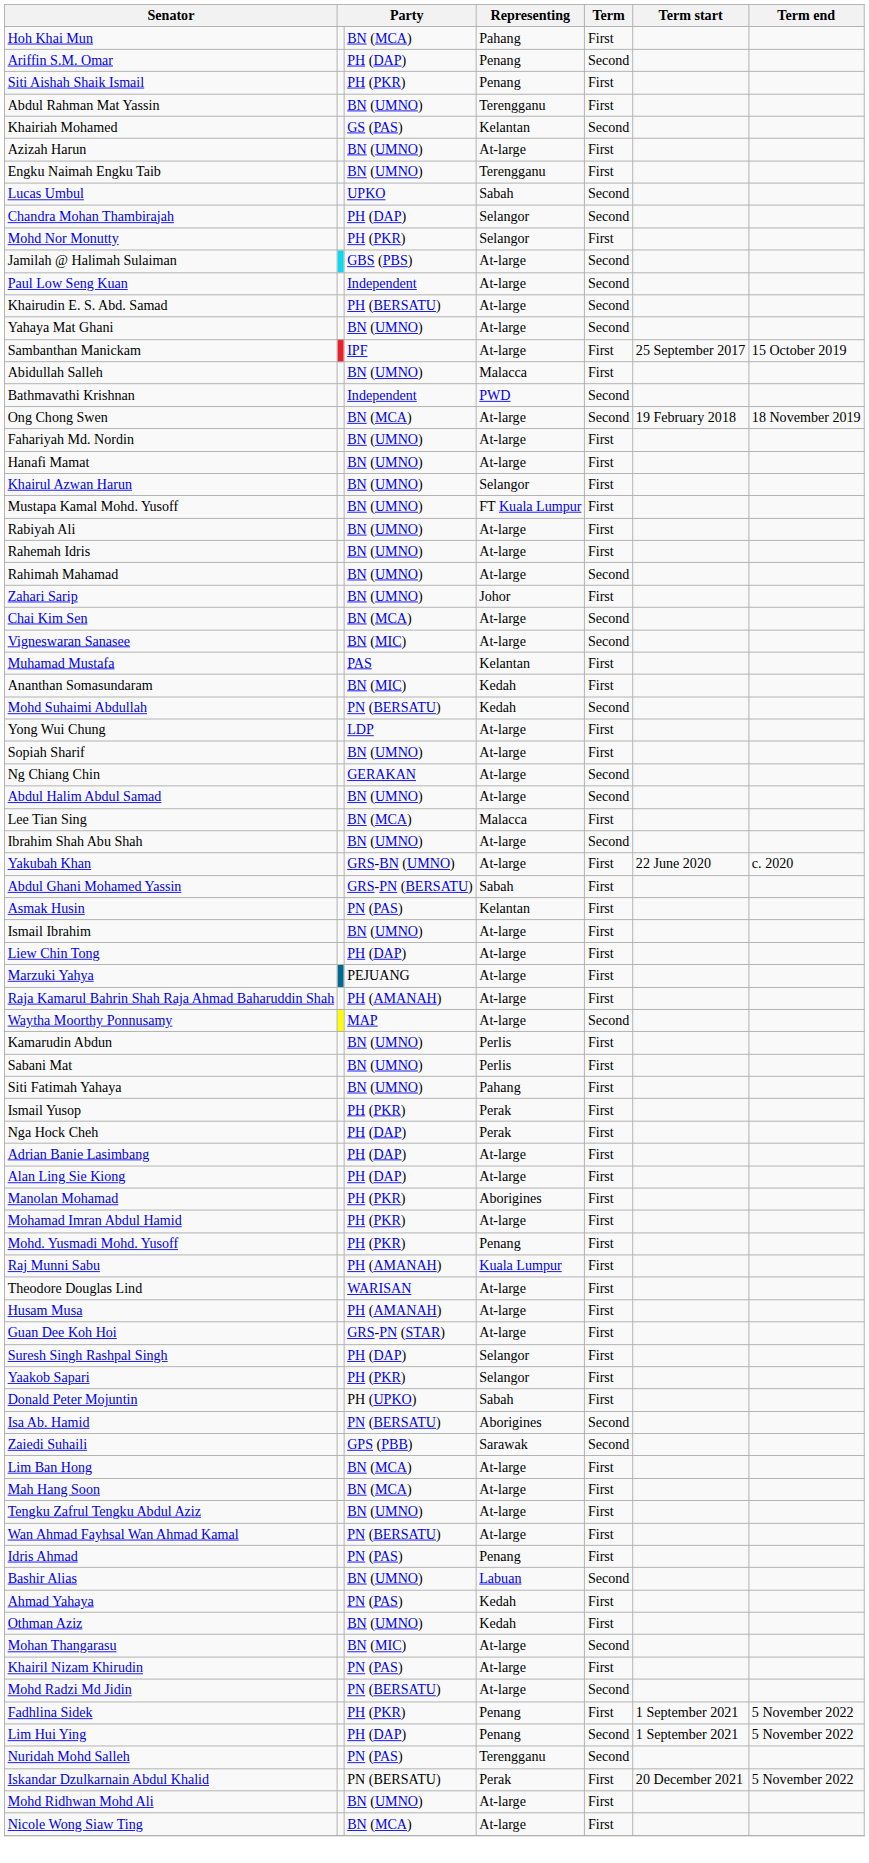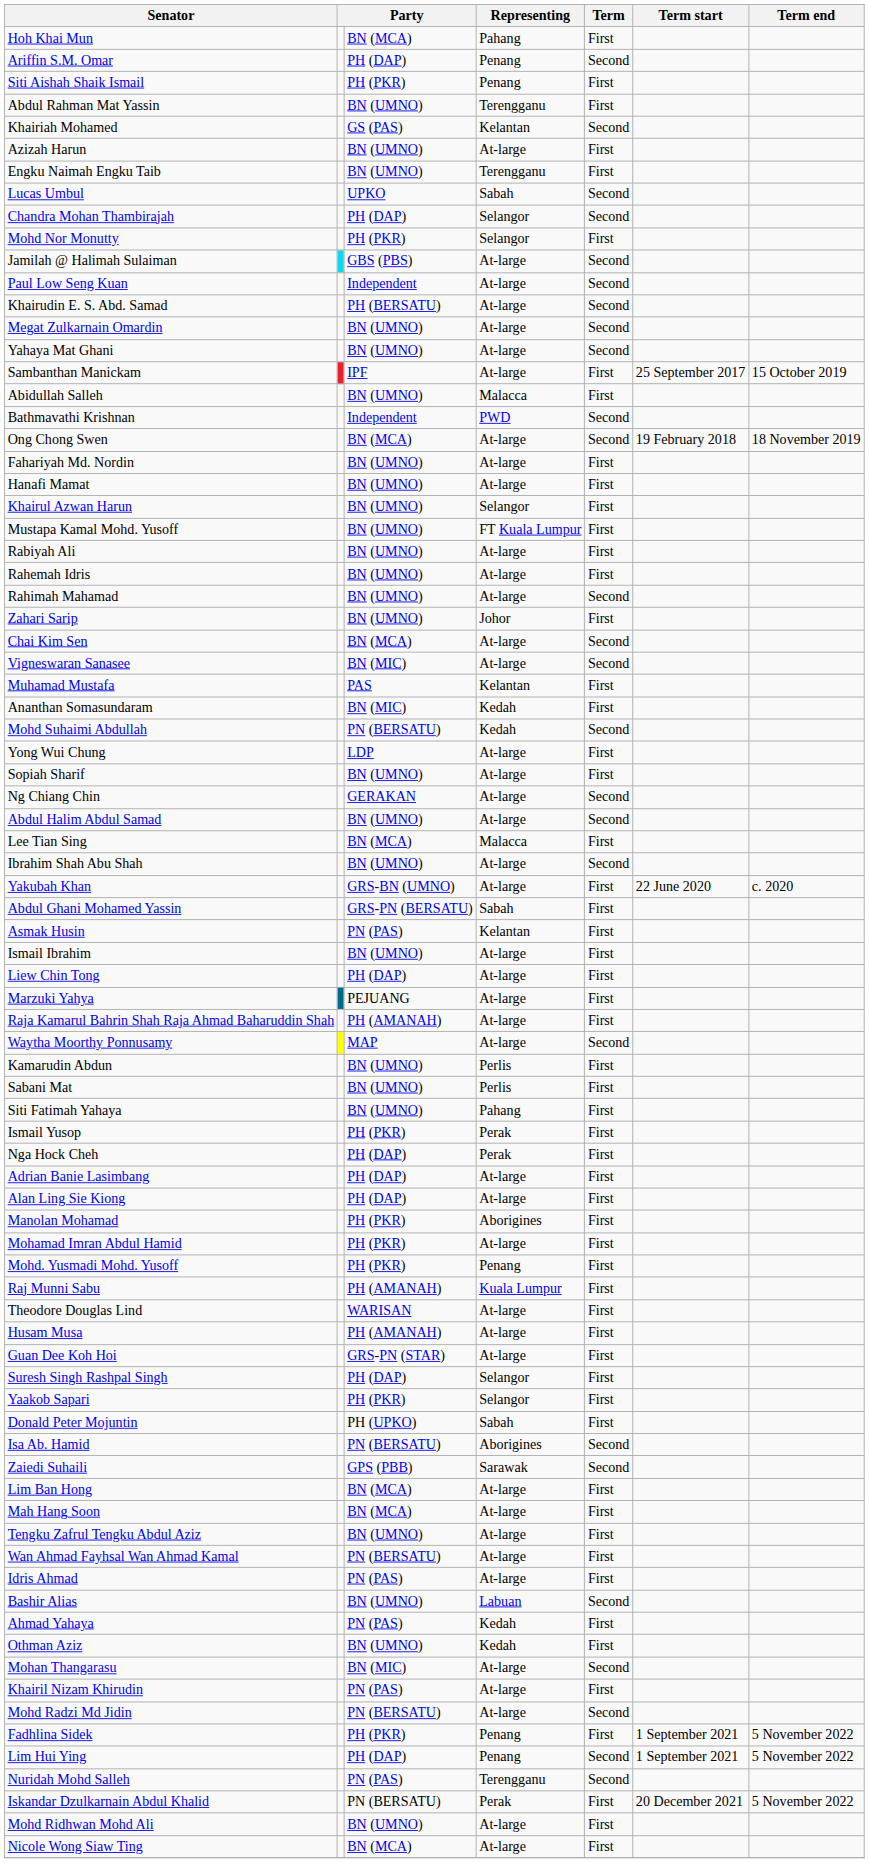 <table class="wikitable">
 <tr>
 <th>Senator</th>
 <th colspan="2">Party</th>
 <th>Representing</th>
 <th>Term</th>
 <th>Term start</th>
 <th>Term end</th>
 </tr>
 <tr>
 <td><a href='#'>Hoh Khai Mun</a></td>
 <td></td>
 <td><a href='#'>BN</a> (<a href='#'>MCA</a>)</td>
 <td>Pahang</td>
 <td>First</td>
 <td></td>
 <td></td>
 </tr>
 <tr>
 <td><a href='#'>Ariffin S.M. Omar</a></td>
 <td></td>
 <td><a href='#'>PH</a> (<a href='#'>DAP</a>)</td>
 <td>Penang</td>
 <td>Second</td>
 <td></td>
 <td></td>
 </tr>
 <tr>
 <td><a href='#'>Siti Aishah Shaik Ismail</a></td>
 <td></td>
 <td><a href='#'>PH</a> (<a href='#'>PKR</a>)</td>
 <td>Penang</td>
 <td>First</td>
 <td></td>
 <td></td>
 </tr>
 <tr>
 <td>Abdul Rahman Mat Yassin</td>
 <td></td>
 <td><a href='#'>BN</a> (<a href='#'>UMNO</a>)</td>
 <td>Terengganu</td>
 <td>First</td>
 <td></td>
 <td></td>
 </tr>
 <tr>
 <td>Khairiah Mohamed</td>
 <td></td>
 <td><a href='#'>GS</a> (<a href='#'>PAS</a>)</td>
 <td>Kelantan</td>
 <td>Second</td>
 <td></td>
 <td></td>
 </tr>
 <tr>
 <td>Azizah Harun</td>
 <td></td>
 <td><a href='#'>BN</a> (<a href='#'>UMNO</a>)</td>
 <td>At-large</td>
 <td>First</td>
 <td></td>
 <td></td>
 </tr>
 <tr>
 <td>Engku Naimah Engku Taib</td>
 <td></td>
 <td><a href='#'>BN</a> (<a href='#'>UMNO</a>)</td>
 <td>Terengganu</td>
 <td>First</td>
 <td></td>
 <td></td>
 </tr>
 <tr>
 <td><a href='#'>Lucas Umbul</a></td>
 <td></td>
 <td><a href='#'>UPKO</a></td>
 <td>Sabah</td>
 <td>Second</td>
 <td></td>
 <td></td>
 </tr>
 <tr>
 <td><a href='#'>Chandra Mohan Thambirajah</a></td>
 <td></td>
 <td><a href='#'>PH</a> (<a href='#'>DAP</a>)</td>
 <td>Selangor</td>
 <td>Second</td>
 <td></td>
 <td></td>
 </tr>
 <tr>
 <td><a href='#'>Mohd Nor Monutty</a></td>
 <td></td>
 <td><a href='#'>PH</a> (<a href='#'>PKR</a>)</td>
 <td>Selangor</td>
 <td>First</td>
 <td></td>
 <td></td>
 </tr>
 <tr>
 <td>Jamilah @ Halimah Sulaiman</td>
 <td bgcolor="#0AD9EF"></td>
 <td><a href='#'>GBS</a> (<a href='#'>PBS</a>)</td>
 <td>At-large</td>
 <td>Second</td>
 <td></td>
 <td></td>
 </tr>
 <tr>
 <td><a href='#'>Paul Low Seng Kuan</a></td>
 <td></td>
 <td><a href='#'>Independent</a></td>
 <td>At-large</td>
 <td>Second</td>
 <td></td>
 <td></td>
 </tr>
 <tr>
 <td>Khairudin E. S. Abd. Samad</td>
 <td></td>
 <td><a href='#'>PH</a> (<a href='#'>BERSATU</a>)</td>
+<td>At-large</td>
+<td>Second</td>
+<td></td>
+<td></td>
+</tr>
+<tr>
+<td><a href='#'>Megat Zulkarnain Omardin</a></td>
+<td></td>
+<td><a href='#'>BN</a> (<a href='#'>UMNO</a>)</td>
 <td>At-large</td>
 <td>Second</td>
 <td></td>
 <td></td>
 </tr>
 <tr>
 <td>Yahaya Mat Ghani</td>
 <td></td>
 <td><a href='#'>BN</a> (<a href='#'>UMNO</a>)</td>
 <td>At-large</td>
 <td>Second</td>
 <td></td>
 <td></td>
 </tr>
 <tr>
 <td>Sambanthan Manickam</td>
 <td bgcolor=#EC2029></td>
 <td><a href='#'>IPF</a></td>
 <td>At-large</td>
 <td>First</td>
 <td>25 September 2017</td>
 <td>15 October 2019</td>
 </tr>
 <tr>
 <td>Abidullah Salleh</td>
 <td></td>
 <td><a href='#'>BN</a> (<a href='#'>UMNO</a>)</td>
 <td>Malacca</td>
 <td>First</td>
 <td></td>
 <td></td>
 </tr>
 <tr>
 <td>Bathmavathi Krishnan</td>
 <td></td>
 <td><a href='#'>Independent</a></td>
 <td><a href='#'>PWD</a></td>
 <td>Second</td>
 <td></td>
 <td></td>
 </tr>
 <tr>
 <td>Ong Chong Swen</td>
 <td></td>
 <td><a href='#'>BN</a> (<a href='#'>MCA</a>)</td>
 <td>At-large</td>
 <td>Second</td>
 <td>19 February 2018</td>
 <td>18 November 2019</td>
 </tr>
 <tr>
 <td>Fahariyah Md. Nordin</td>
 <td></td>
 <td><a href='#'>BN</a> (<a href='#'>UMNO</a>)</td>
 <td>At-large</td>
 <td>First</td>
 <td></td>
 <td></td>
 </tr>
 <tr>
 <td>Hanafi Mamat</td>
 <td></td>
 <td><a href='#'>BN</a> (<a href='#'>UMNO</a>)</td>
 <td>At-large</td>
 <td>First</td>
 <td></td>
 <td></td>
 </tr>
 <tr>
 <td><a href='#'>Khairul Azwan Harun</a></td>
 <td></td>
 <td><a href='#'>BN</a> (<a href='#'>UMNO</a>)</td>
 <td>Selangor</td>
 <td>First</td>
 <td></td>
 <td></td>
 </tr>
 <tr>
 <td>Mustapa Kamal Mohd. Yusoff</td>
 <td></td>
 <td><a href='#'>BN</a> (<a href='#'>UMNO</a>)</td>
 <td>FT <a href='#'>Kuala Lumpur</a></td>
 <td>First</td>
 <td></td>
 <td></td>
 </tr>
 <tr>
 <td>Rabiyah Ali</td>
 <td></td>
 <td><a href='#'>BN</a> (<a href='#'>UMNO</a>)</td>
 <td>At-large</td>
 <td>First</td>
 <td></td>
 <td></td>
 </tr>
 <tr>
 <td>Rahemah Idris</td>
 <td></td>
 <td><a href='#'>BN</a> (<a href='#'>UMNO</a>)</td>
 <td>At-large</td>
 <td>First</td>
 <td></td>
 <td></td>
 </tr>
 <tr>
 <td>Rahimah Mahamad</td>
 <td></td>
 <td><a href='#'>BN</a> (<a href='#'>UMNO</a>)</td>
 <td>At-large</td>
 <td>Second</td>
 <td></td>
 <td></td>
 </tr>
 <tr>
 <td><a href='#'>Zahari Sarip</a></td>
 <td></td>
 <td><a href='#'>BN</a> (<a href='#'>UMNO</a>)</td>
 <td>Johor</td>
 <td>First</td>
 <td></td>
 <td></td>
 </tr>
 <tr>
 <td><a href='#'>Chai Kim Sen</a></td>
 <td></td>
 <td><a href='#'>BN</a> (<a href='#'>MCA</a>)</td>
 <td>At-large</td>
 <td>Second</td>
 <td></td>
 <td></td>
 </tr>
 <tr>
 <td><a href='#'>Vigneswaran Sanasee</a></td>
 <td></td>
 <td><a href='#'>BN</a> (<a href='#'>MIC</a>)</td>
 <td>At-large</td>
 <td>Second</td>
 <td></td>
 <td></td>
 </tr>
 <tr>
 <td><a href='#'>Muhamad Mustafa</a></td>
 <td></td>
 <td><a href='#'>PAS</a></td>
 <td>Kelantan</td>
 <td>First</td>
 <td></td>
 <td></td>
 </tr>
 <tr>
 <td>Ananthan Somasundaram</td>
 <td></td>
 <td><a href='#'>BN</a> (<a href='#'>MIC</a>)</td>
 <td>Kedah</td>
 <td>First</td>
 <td></td>
 <td></td>
 </tr>
 <tr>
 <td><a href='#'>Mohd Suhaimi Abdullah</a></td>
 <td></td>
 <td><a href='#'>PN</a> (<a href='#'>BERSATU</a>)</td>
 <td>Kedah</td>
 <td>Second</td>
 <td></td>
 <td></td>
 </tr>
 <tr>
 <td>Yong Wui Chung</td>
 <td></td>
 <td><a href='#'>LDP</a></td>
 <td>At-large</td>
 <td>First</td>
 <td></td>
 <td></td>
 </tr>
 <tr>
 <td>Sopiah Sharif</td>
 <td></td>
 <td><a href='#'>BN</a> (<a href='#'>UMNO</a>)</td>
 <td>At-large</td>
 <td>First</td>
 <td></td>
 <td></td>
 </tr>
 <tr>
 <td>Ng Chiang Chin</td>
 <td></td>
 <td><a href='#'>GERAKAN</a></td>
 <td>At-large</td>
 <td>Second</td>
 <td></td>
 <td></td>
 </tr>
 <tr>
 <td><a href='#'>Abdul Halim Abdul Samad</a></td>
 <td></td>
 <td><a href='#'>BN</a> (<a href='#'>UMNO</a>)</td>
 <td>At-large</td>
 <td>Second</td>
 <td></td>
 <td></td>
 </tr>
 <tr>
 <td>Lee Tian Sing</td>
 <td></td>
 <td><a href='#'>BN</a> (<a href='#'>MCA</a>)</td>
 <td>Malacca</td>
 <td>First</td>
 <td></td>
 <td></td>
 </tr>
 <tr>
 <td>Ibrahim Shah Abu Shah</td>
 <td></td>
 <td><a href='#'>BN</a> (<a href='#'>UMNO</a>)</td>
 <td>At-large</td>
 <td>Second</td>
 <td></td>
 <td></td>
 </tr>
 <tr>
 <td><a href='#'>Yakubah Khan</a></td>
 <td></td>
 <td><a href='#'>GRS</a>-<a href='#'>BN</a> (<a href='#'>UMNO</a>)</td>
 <td>At-large</td>
 <td>First</td>
 <td>22 June 2020</td>
 <td>c. 2020</td>
 </tr>
 <tr>
 <td><a href='#'>Abdul Ghani Mohamed Yassin</a></td>
 <td></td>
 <td><a href='#'>GRS</a>-<a href='#'>PN</a> (<a href='#'>BERSATU</a>)</td>
 <td>Sabah</td>
 <td>First</td>
 <td></td>
 <td></td>
 </tr>
 <tr>
 <td><a href='#'>Asmak Husin</a></td>
 <td></td>
 <td><a href='#'>PN</a> (<a href='#'>PAS</a>)</td>
 <td>Kelantan</td>
 <td>First</td>
 <td></td>
 <td></td>
 </tr>
 <tr>
 <td>Ismail Ibrahim</td>
 <td></td>
 <td><a href='#'>BN</a> (<a href='#'>UMNO</a>)</td>
 <td>At-large</td>
 <td>First</td>
 <td></td>
 <td></td>
 </tr>
 <tr>
 <td><a href='#'>Liew Chin Tong</a></td>
 <td></td>
 <td><a href='#'>PH</a> (<a href='#'>DAP</a>)</td>
 <td>At-large</td>
 <td>First</td>
 <td></td>
 <td></td>
 </tr>
 <tr>
 <td><a href='#'>Marzuki Yahya</a></td>
 <td bgcolor="#006A8E"></td>
 <td>PEJUANG</td>
 <td>At-large</td>
 <td>First</td>
 <td></td>
 <td></td>
 </tr>
 <tr>
 <td><a href='#'>Raja Kamarul Bahrin Shah Raja Ahmad Baharuddin Shah</a></td>
 <td></td>
 <td><a href='#'>PH</a> (<a href='#'>AMANAH</a>)</td>
 <td>At-large</td>
 <td>First</td>
 <td></td>
 <td></td>
 </tr>
 <tr>
 <td><a href='#'>Waytha Moorthy Ponnusamy</a></td>
 <td bgcolor="Yellow"></td>
 <td><a href='#'>MAP</a></td>
 <td>At-large</td>
 <td>Second</td>
 <td></td>
 <td></td>
 </tr>
 <tr>
 <td>Kamarudin Abdun</td>
 <td></td>
 <td><a href='#'>BN</a> (<a href='#'>UMNO</a>)</td>
 <td>Perlis</td>
 <td>First</td>
 <td></td>
 <td></td>
 </tr>
 <tr>
 <td>Sabani Mat</td>
 <td></td>
 <td><a href='#'>BN</a> (<a href='#'>UMNO</a>)</td>
 <td>Perlis</td>
 <td>First</td>
 <td></td>
 <td></td>
 </tr>
 <tr>
 <td>Siti Fatimah Yahaya</td>
 <td></td>
 <td><a href='#'>BN</a> (<a href='#'>UMNO</a>)</td>
 <td>Pahang</td>
 <td>First</td>
 <td></td>
 <td></td>
 </tr>
 <tr>
 <td>Ismail Yusop</td>
 <td></td>
 <td><a href='#'>PH</a> (<a href='#'>PKR</a>)</td>
 <td>Perak</td>
 <td>First</td>
 <td></td>
 <td></td>
 </tr>
 <tr>
 <td>Nga Hock Cheh</td>
 <td></td>
 <td><a href='#'>PH</a> (<a href='#'>DAP</a>)</td>
 <td>Perak</td>
 <td>First</td>
 <td></td>
 <td></td>
 </tr>
 <tr>
 <td><a href='#'>Adrian Banie Lasimbang</a></td>
 <td></td>
 <td><a href='#'>PH</a> (<a href='#'>DAP</a>)</td>
 <td>At-large</td>
 <td>First</td>
 <td></td>
 <td></td>
 </tr>
 <tr>
 <td><a href='#'>Alan Ling Sie Kiong</a></td>
 <td></td>
 <td><a href='#'>PH</a> (<a href='#'>DAP</a>)</td>
 <td>At-large</td>
 <td>First</td>
 <td></td>
 <td></td>
 </tr>
 <tr>
 <td><a href='#'>Manolan Mohamad</a></td>
 <td></td>
 <td><a href='#'>PH</a> (<a href='#'>PKR</a>)</td>
 <td>Aborigines</td>
 <td>First</td>
 <td></td>
 <td></td>
 </tr>
 <tr>
 <td><a href='#'>Mohamad Imran Abdul Hamid</a></td>
 <td></td>
 <td><a href='#'>PH</a> (<a href='#'>PKR</a>)</td>
 <td>At-large</td>
 <td>First</td>
 <td></td>
 <td></td>
 </tr>
 <tr>
 <td><a href='#'>Mohd. Yusmadi Mohd. Yusoff</a></td>
 <td></td>
 <td><a href='#'>PH</a> (<a href='#'>PKR</a>)</td>
 <td>Penang</td>
 <td>First</td>
 <td></td>
 <td></td>
 </tr>
 <tr>
 <td><a href='#'>Raj Munni Sabu</a></td>
 <td></td>
 <td><a href='#'>PH</a> (<a href='#'>AMANAH</a>)</td>
 <td><a href='#'>Kuala Lumpur</a></td>
 <td>First</td>
 <td></td>
 <td></td>
 </tr>
 <tr>
 <td>Theodore Douglas Lind</td>
 <td></td>
 <td><a href='#'>WARISAN</a></td>
 <td>At-large</td>
 <td>First</td>
 <td></td>
 <td></td>
 </tr>
 <tr>
 <td><a href='#'>Husam Musa</a></td>
 <td></td>
 <td><a href='#'>PH</a> (<a href='#'>AMANAH</a>)</td>
 <td>At-large</td>
 <td>First</td>
 <td></td>
 <td></td>
 </tr>
 <tr>
 <td><a href='#'>Guan Dee Koh Hoi</a></td>
 <td></td>
 <td><a href='#'>GRS</a>-<a href='#'>PN</a> (<a href='#'>STAR</a>)</td>
 <td>At-large</td>
 <td>First</td>
 <td></td>
 <td></td>
 </tr>
 <tr>
 <td><a href='#'>Suresh Singh Rashpal Singh</a></td>
 <td></td>
 <td><a href='#'>PH</a> (<a href='#'>DAP</a>)</td>
 <td>Selangor</td>
 <td>First</td>
 <td></td>
 <td></td>
 </tr>
 <tr>
 <td><a href='#'>Yaakob Sapari</a></td>
 <td></td>
 <td><a href='#'>PH</a> (<a href='#'>PKR</a>)</td>
 <td>Selangor</td>
 <td>First</td>
 <td></td>
 <td></td>
 </tr>
 <tr>
 <td><a href='#'>Donald Peter Mojuntin</a></td>
 <td></td>
 <td>PH (<a href='#'>UPKO</a>)</td>
 <td>Sabah</td>
 <td>First</td>
 <td></td>
 <td></td>
 </tr>
 <tr>
 <td><a href='#'>Isa Ab. Hamid</a></td>
 <td></td>
 <td><a href='#'>PN</a> (<a href='#'>BERSATU</a>)</td>
 <td>Aborigines</td>
 <td>Second</td>
 <td></td>
 <td></td>
 </tr>
 <tr>
 <td><a href='#'>Zaiedi Suhaili</a></td>
 <td></td>
 <td><a href='#'>GPS</a> (<a href='#'>PBB</a>)</td>
 <td>Sarawak</td>
 <td>Second</td>
 <td></td>
 <td></td>
 </tr>
 <tr>
 <td><a href='#'>Lim Ban Hong</a></td>
 <td></td>
 <td><a href='#'>BN</a> (<a href='#'>MCA</a>)</td>
 <td>At-large</td>
 <td>First</td>
 <td></td>
 <td></td>
 </tr>
 <tr>
 <td><a href='#'>Mah Hang Soon</a></td>
 <td></td>
 <td><a href='#'>BN</a> (<a href='#'>MCA</a>)</td>
 <td>At-large</td>
 <td>First</td>
 <td></td>
 <td></td>
 </tr>
 <tr>
 <td><a href='#'>Tengku Zafrul Tengku Abdul Aziz</a></td>
 <td></td>
 <td><a href='#'>BN</a> (<a href='#'>UMNO</a>)</td>
 <td>At-large</td>
 <td>First</td>
 <td></td>
 <td></td>
 </tr>
 <tr>
 <td><a href='#'>Wan Ahmad Fayhsal Wan Ahmad Kamal</a></td>
 <td></td>
 <td><a href='#'>PN</a> (<a href='#'>BERSATU</a>)</td>
 <td>At-large</td>
 <td>First</td>
 <td></td>
 <td></td>
 </tr>
 <tr>
 <td><a href='#'>Idris Ahmad</a></td>
 <td></td>
 <td><a href='#'>PN</a> (<a href='#'>PAS</a>)</td>
-<td>Penang</td>
+<td>At-large</td>
 <td>First</td>
 <td></td>
 <td></td>
 </tr>
 <tr>
 <td><a href='#'>Bashir Alias</a></td>
 <td></td>
 <td><a href='#'>BN</a> (<a href='#'>UMNO</a>)</td>
 <td><a href='#'>Labuan</a></td>
 <td>Second</td>
 <td></td>
 <td></td>
 </tr>
 <tr>
 <td><a href='#'>Ahmad Yahaya</a></td>
 <td></td>
 <td><a href='#'>PN</a> (<a href='#'>PAS</a>)</td>
 <td>Kedah</td>
 <td>First</td>
 <td></td>
 <td></td>
 </tr>
 <tr>
 <td><a href='#'>Othman Aziz</a></td>
 <td></td>
 <td><a href='#'>BN</a> (<a href='#'>UMNO</a>)</td>
 <td>Kedah</td>
 <td>First</td>
 <td></td>
 <td></td>
 </tr>
 <tr>
 <td><a href='#'>Mohan Thangarasu</a></td>
 <td></td>
 <td><a href='#'>BN</a> (<a href='#'>MIC</a>)</td>
 <td>At-large</td>
 <td>Second</td>
 <td></td>
 <td></td>
 </tr>
 <tr>
 <td><a href='#'>Khairil Nizam Khirudin</a></td>
 <td></td>
 <td><a href='#'>PN</a> (<a href='#'>PAS</a>)</td>
 <td>At-large</td>
 <td>First</td>
 <td></td>
 <td></td>
 </tr>
 <tr>
 <td><a href='#'>Mohd Radzi Md Jidin</a></td>
 <td></td>
 <td><a href='#'>PN</a> (<a href='#'>BERSATU</a>)</td>
 <td>At-large</td>
 <td>Second</td>
 <td></td>
 <td></td>
 </tr>
 <tr>
 <td><a href='#'>Fadhlina Sidek</a></td>
 <td></td>
 <td><a href='#'>PH</a> (<a href='#'>PKR</a>)</td>
 <td>Penang</td>
 <td>First</td>
 <td>1 September 2021</td>
 <td>5 November 2022</td>
 </tr>
 <tr>
 <td><a href='#'>Lim Hui Ying</a></td>
 <td></td>
 <td><a href='#'>PH</a> (<a href='#'>DAP</a>)</td>
 <td>Penang</td>
 <td>Second</td>
 <td>1 September 2021</td>
 <td>5 November 2022</td>
 </tr>
 <tr>
 <td><a href='#'>Nuridah Mohd Salleh</a></td>
 <td></td>
 <td><a href='#'>PN</a> (<a href='#'>PAS</a>)</td>
 <td>Terengganu</td>
 <td>Second</td>
 <td></td>
 <td></td>
 </tr>
 <tr>
 <td><a href='#'>Iskandar Dzulkarnain Abdul Khalid</a></td>
 <td></td>
 <td>PN (BERSATU)</td>
 <td>Perak</td>
 <td>First</td>
 <td>20 December 2021</td>
 <td>5 November 2022</td>
 </tr>
 <tr>
 <td><a href='#'>Mohd Ridhwan Mohd Ali</a></td>
 <td></td>
 <td><a href='#'>BN</a> (<a href='#'>UMNO</a>)</td>
 <td>At-large</td>
 <td>First</td>
 <td></td>
 <td></td>
 </tr>
 <tr>
 <td><a href='#'>Nicole Wong Siaw Ting</a></td>
 <td></td>
 <td><a href='#'>BN</a> (<a href='#'>MCA</a>)</td>
 <td>At-large</td>
 <td>First</td>
 <td></td>
 <td></td>
 </tr>
 <tr>
 </tr>
 </table>
